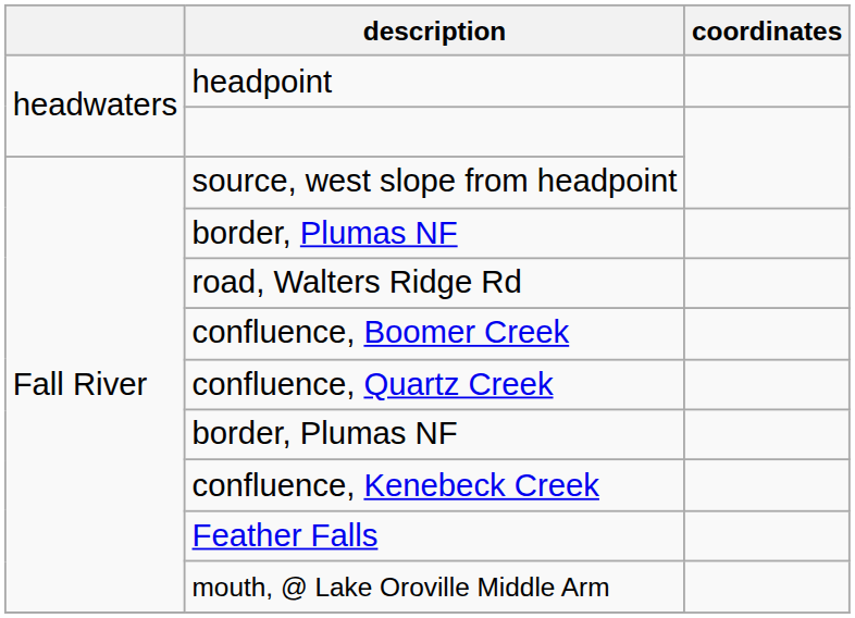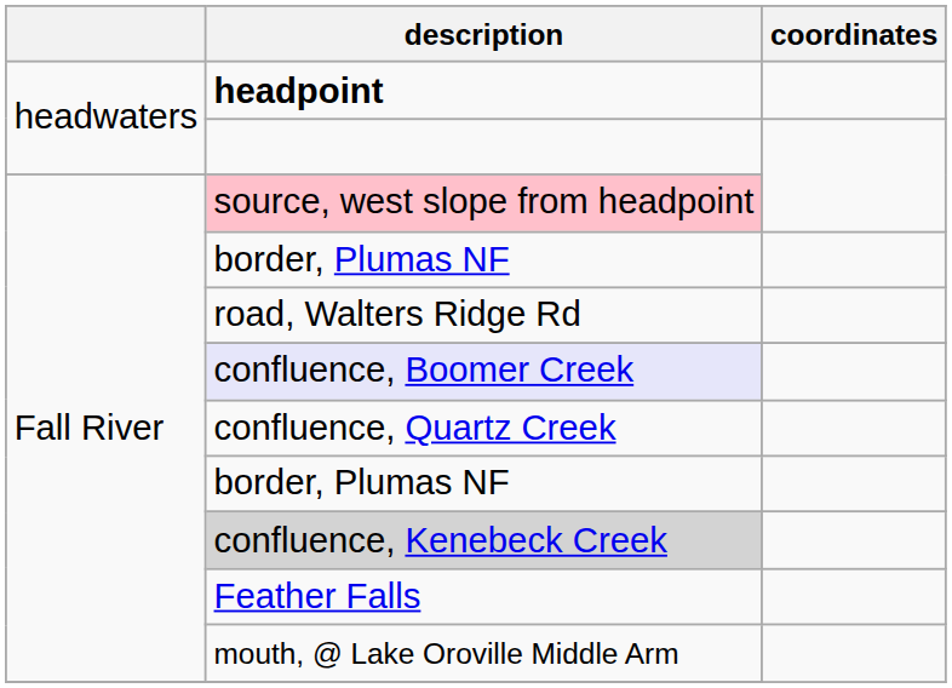 <table class="wikitable sortable">
 <tr>
 <th><small></small></th>
 <th><small>description</small></th>
 <th><small>coordinates</small></th>
 </tr>
 <tr>
 <td rowspan=2>headwaters</td>
-<td>headpoint</td>
+<td><strong>headpoint</strong></td>
 <td><small></small></td>
 </tr>
 <tr>
 <td><br></td>
 <td rowspan=2><small></small></td>
 </tr>
 <tr>
 <td rowspan=9>Fall River</td>
-<td>source, west slope from headpoint</td>
+<td style="background: pink;">source, west slope from headpoint</td>
 </tr>
 <tr>
 <td>border, <a href='#'>Plumas NF</a></td>
 <td><small></small></td>
 </tr>
 <tr>
 <td>road, Walters Ridge Rd</td>
 <td><small></small></td>
 </tr>
 <tr>
-<td>confluence, <a href='#'>Boomer Creek</a></td>
+<td style="background: lavender;">confluence, <a href='#'>Boomer Creek</a></td>
 <td><small></small></td>
 </tr>
 <tr>
 <td>confluence, <a href='#'>Quartz Creek</a></td>
 <td><small></small></td>
 </tr>
 <tr>
 <td>border, Plumas NF</td>
 <td><small></small></td>
 </tr>
 <tr>
-<td>confluence, <a href='#'>Kenebeck Creek</a></td>
+<td style="background: lightgrey;">confluence, <a href='#'>Kenebeck Creek</a></td>
 <td><small></small></td>
 </tr>
 <tr>
 <td><a href='#'>Feather Falls</a></td>
 <td><small></small></td>
 </tr>
 <tr>
 <td><small>mouth, @ Lake Oroville Middle Arm</small></td>
 <td rowspan=2><small></small></td>
 </tr>
 <tr>
 </tr>
 </table>
